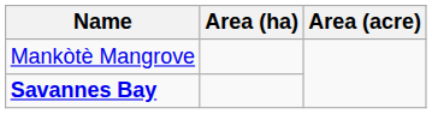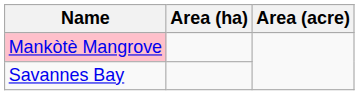 <table class="wikitable sortable">
 <tr>
 <th scope="col" align=left>Name</th>
 <th scope="col">Area (ha)</th>
 <th scope="col">Area (acre)</th>
 </tr>
 <tr ---->
-<td><a href='#'>Mankòtè Mangrove</a></td>
+<td style="background: pink;"><a href='#'>Mankòtè Mangrove</a></td>
 <td></td>
 </tr>
 <tr ---->
-<td><strong><a href='#'>Savannes Bay</a></strong></td>
+<td><a href='#'>Savannes Bay</a></td>
 <td></td>
 </tr>
 </table>
